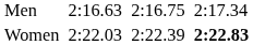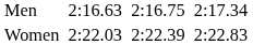 <table>
 <tr>
 <td>Men</td>
 <td></td>
 <td>2:16.63</td>
 <td></td>
 <td>2:16.75</td>
 <td></td>
 <td>2:17.34</td>
 </tr>
 <tr>
 <td>Women</td>
 <td></td>
 <td>2:22.03</td>
 <td></td>
 <td>2:22.39</td>
 <td></td>
-<td><strong>2:22.83</strong></td>
+<td>2:22.83</td>
 </tr>
 </table>
